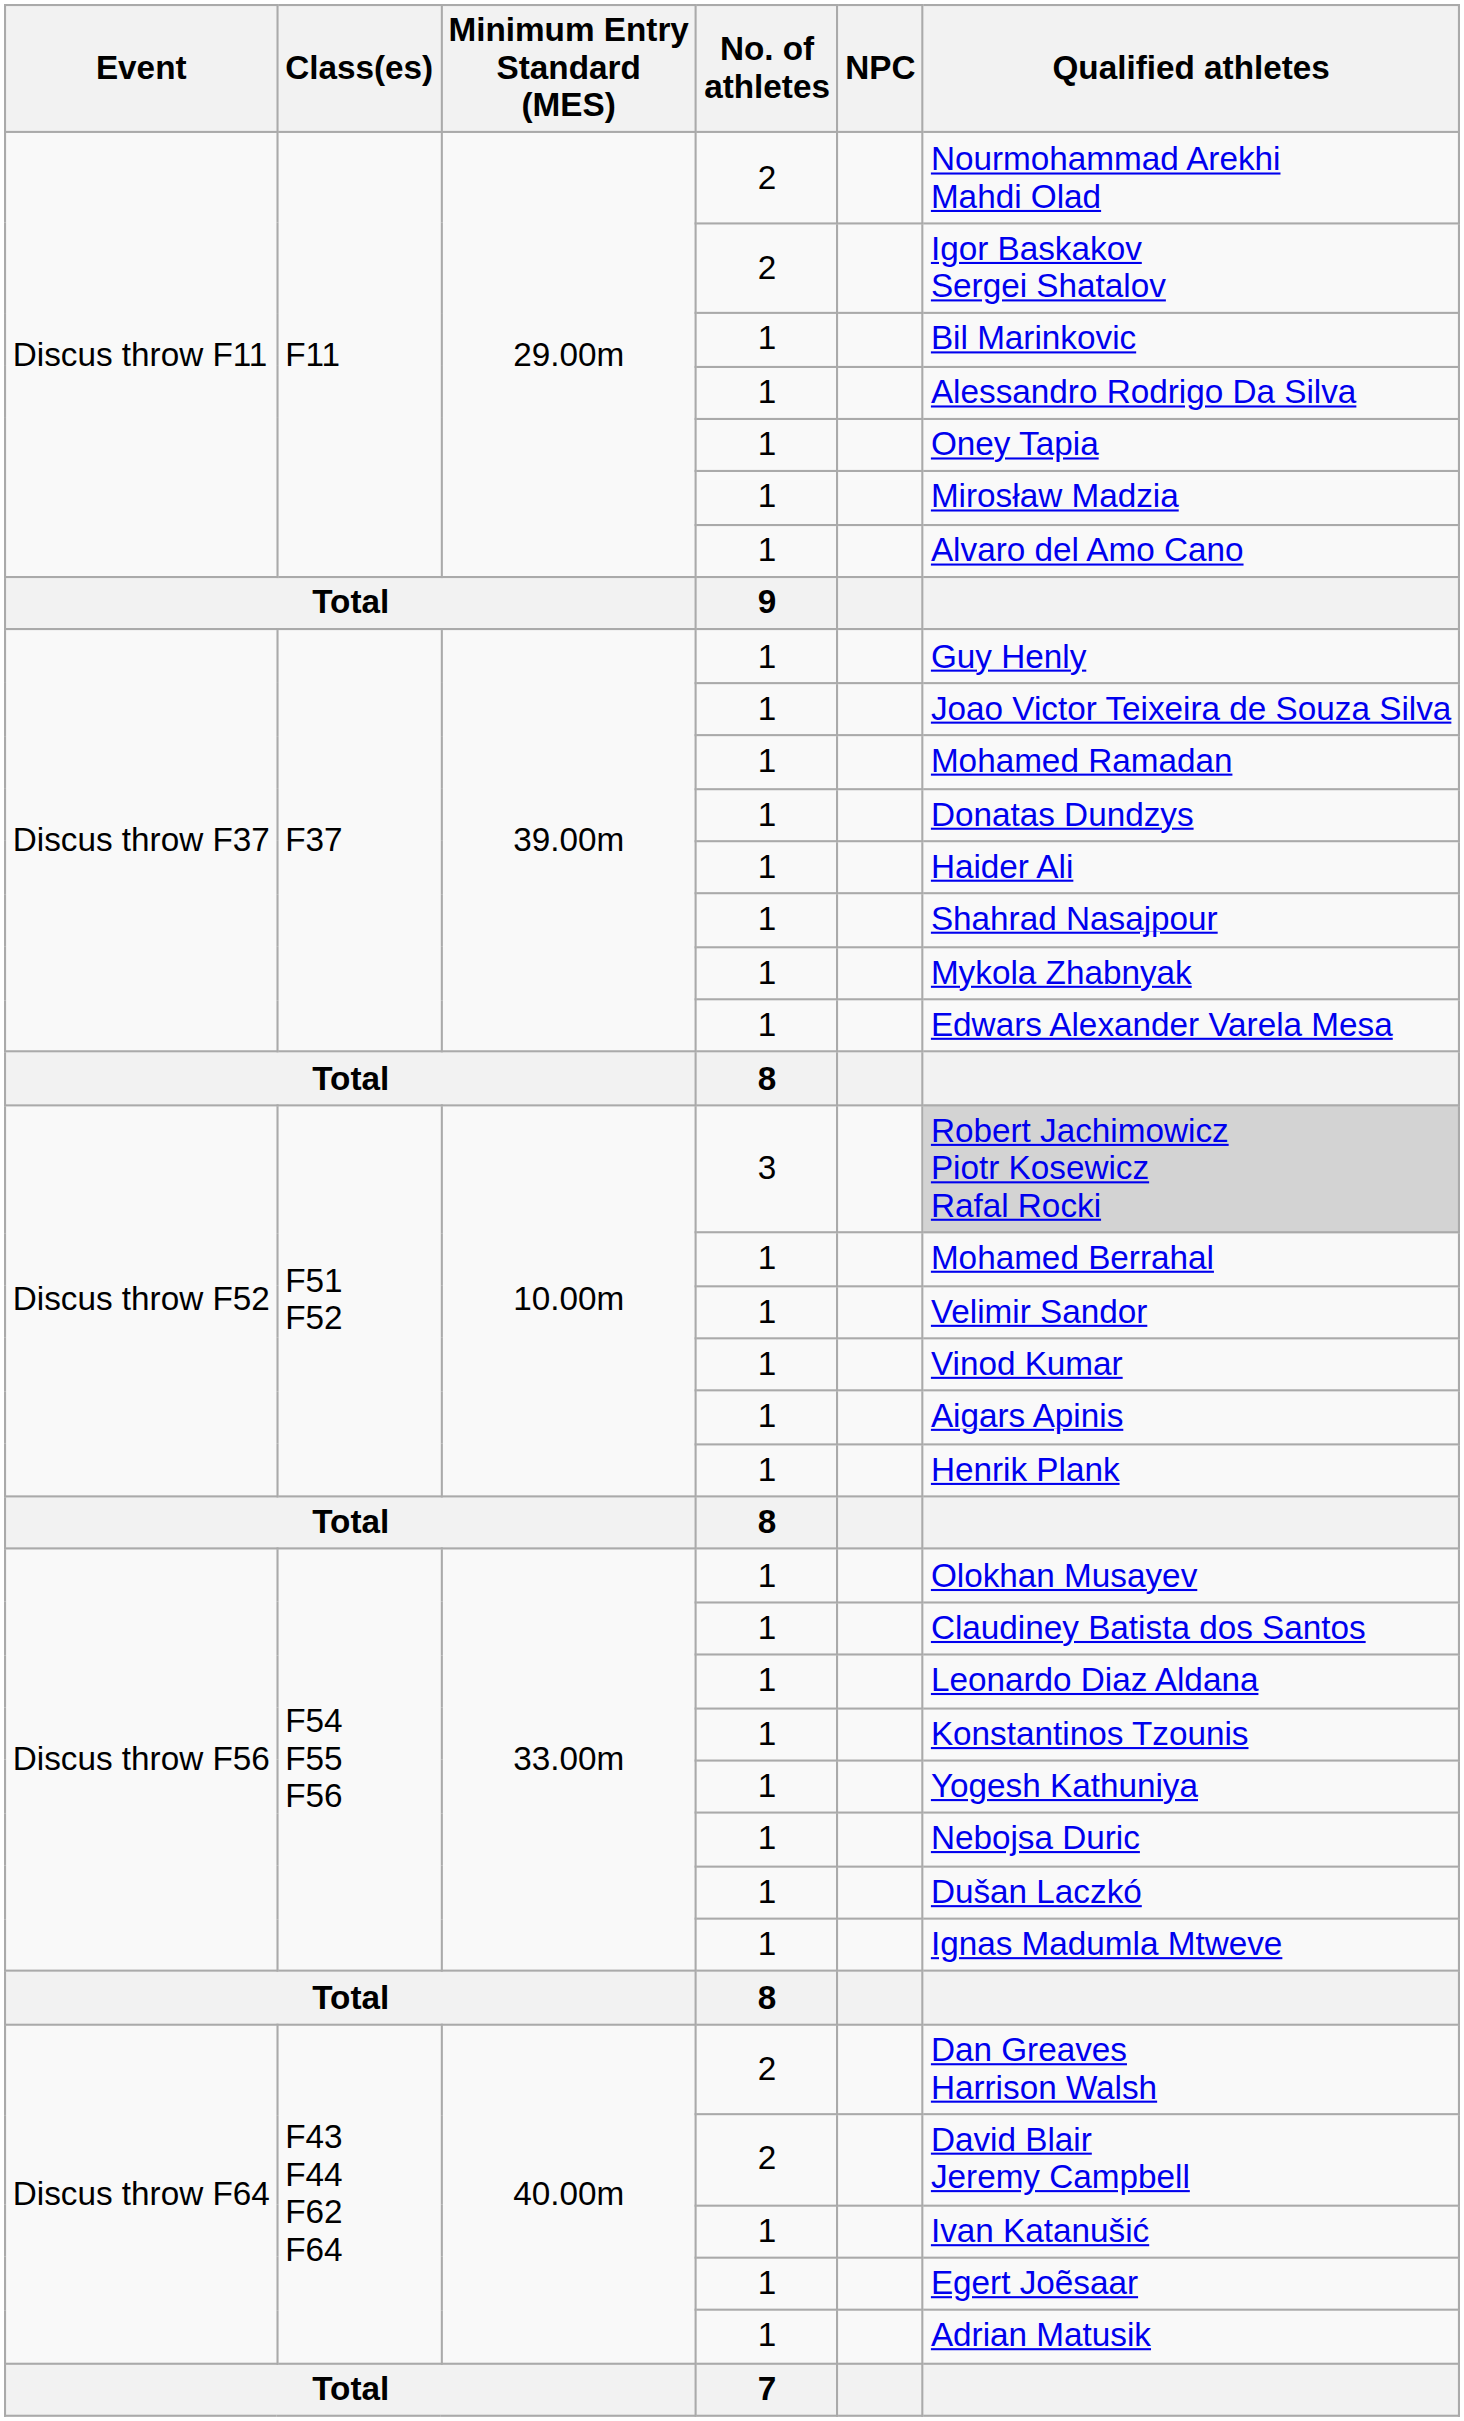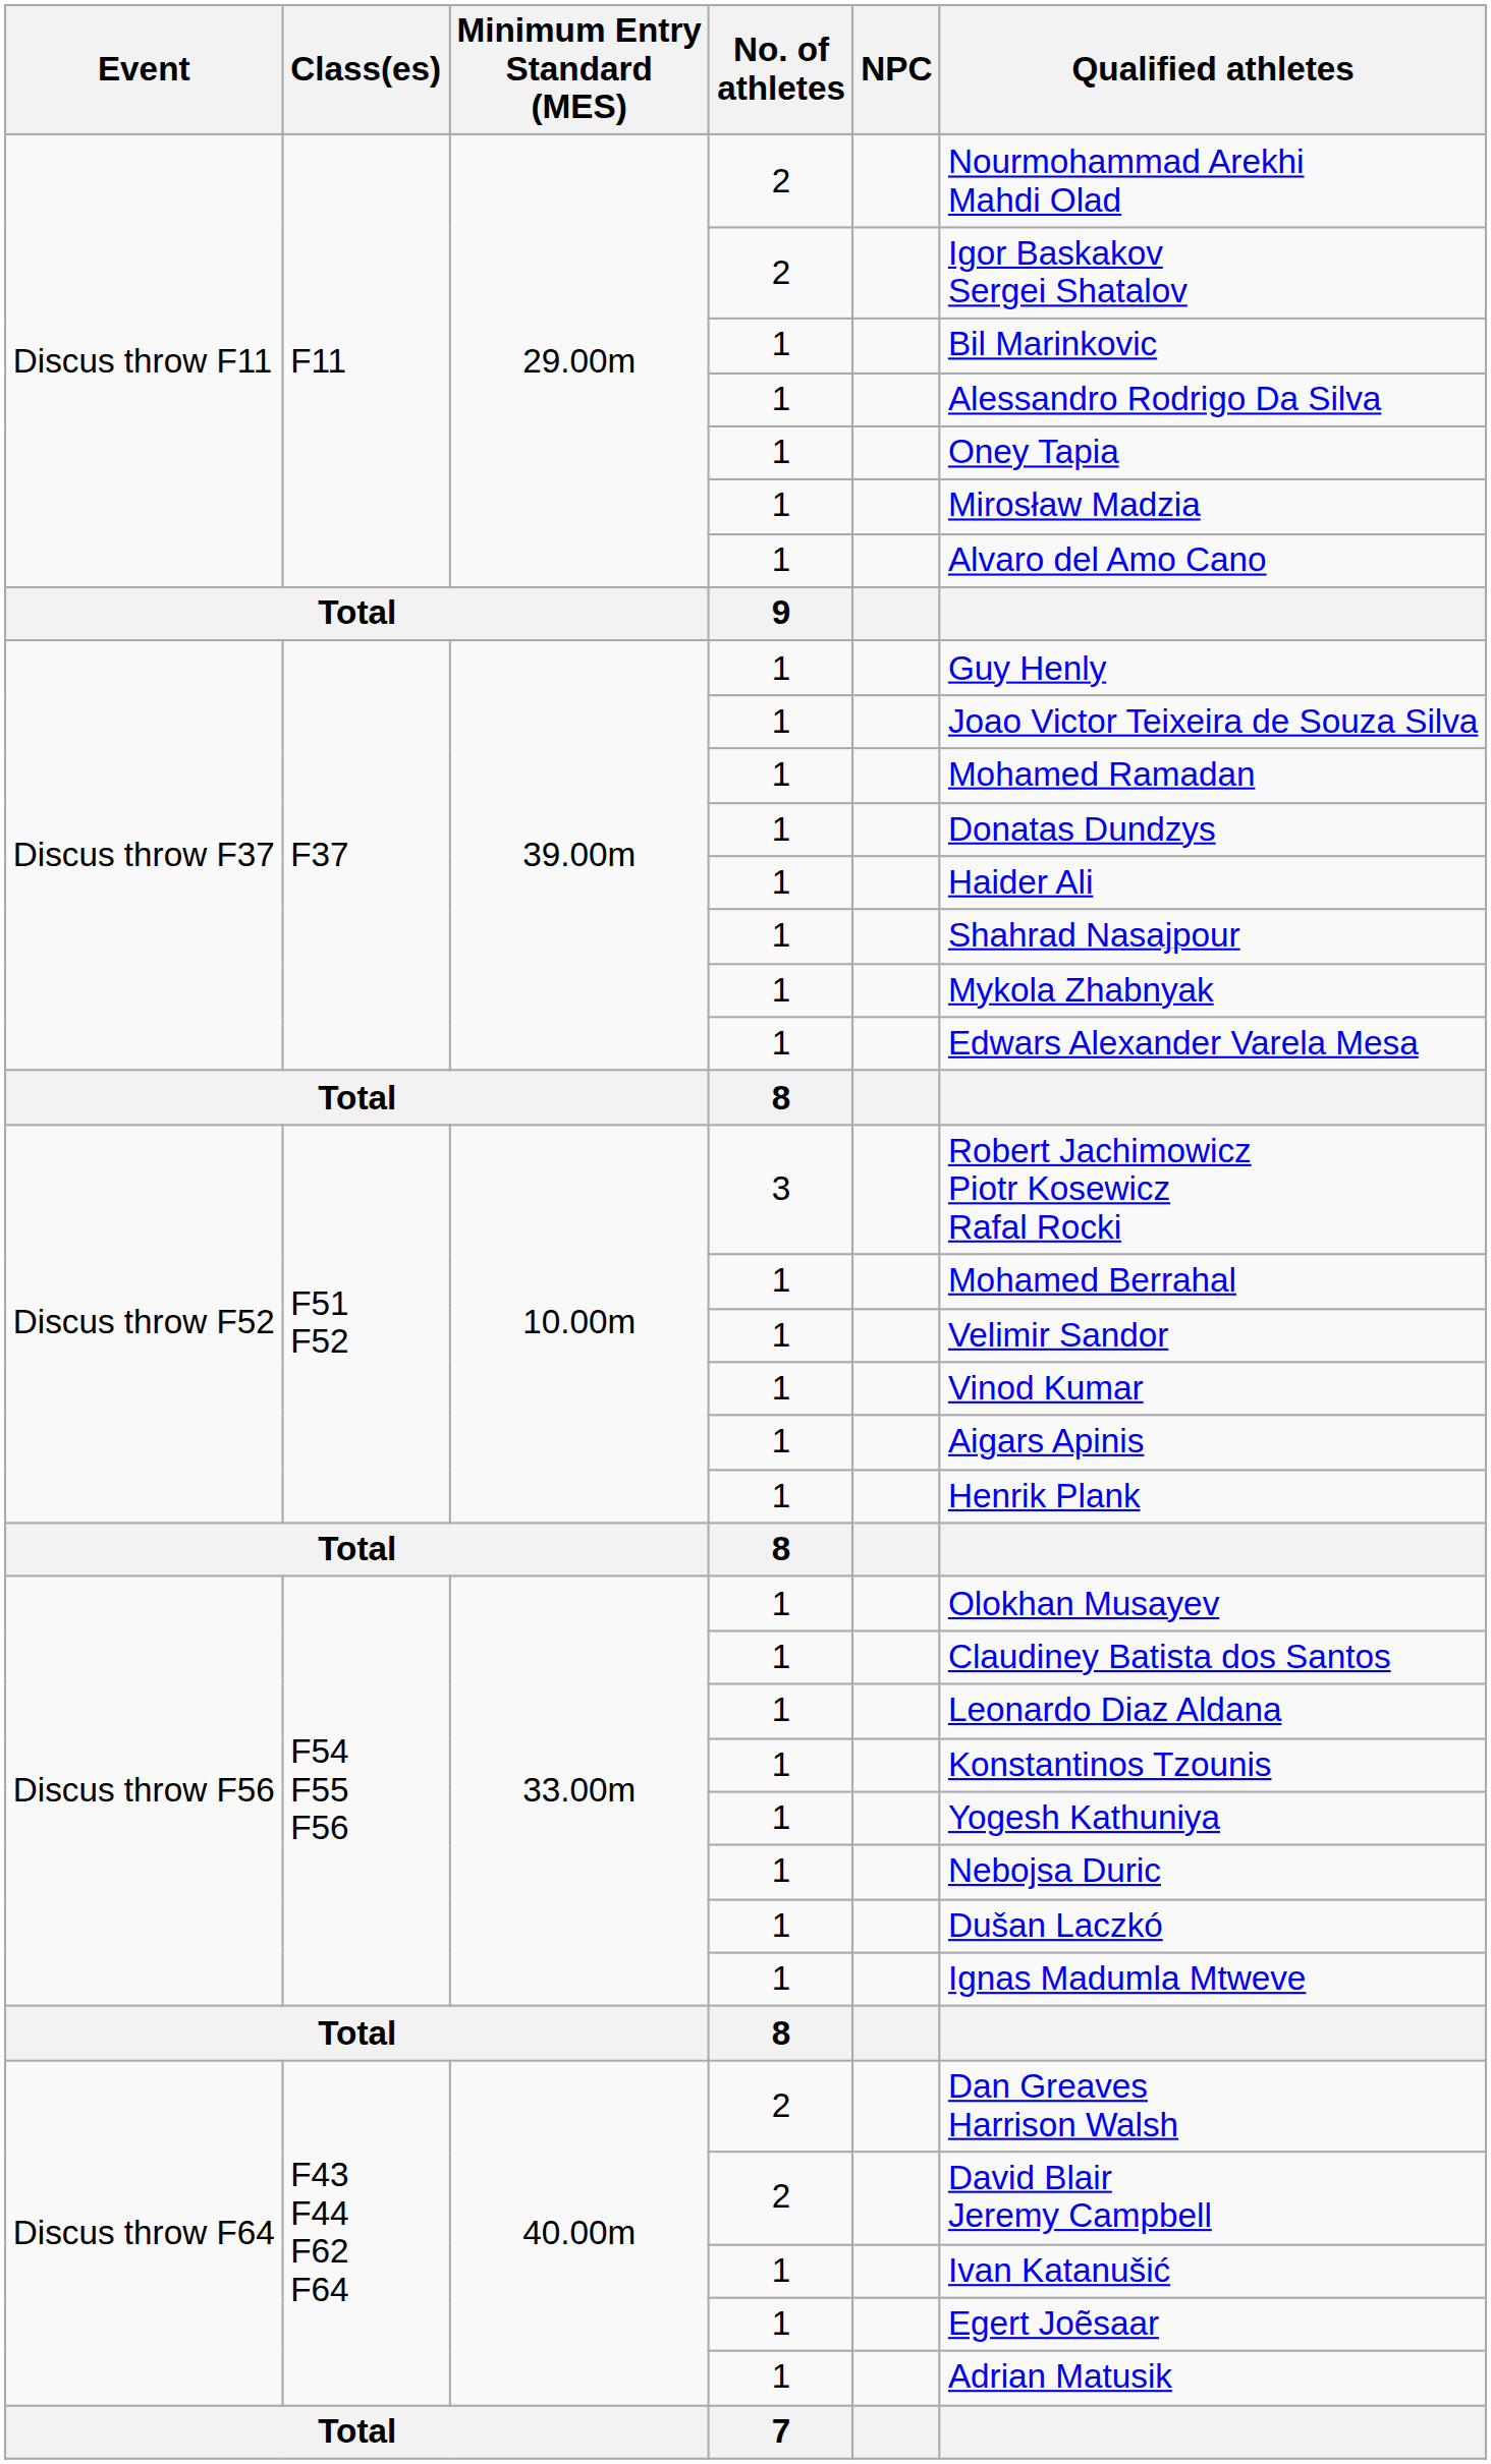 <table class="wikitable">
 <tr>
 <th>Event</th>
 <th>Class(es)</th>
 <th>Minimum Entry<br> Standard<br> (MES)</th>
 <th>No. of<br>athletes</th>
 <th>NPC</th>
 <th>Qualified athletes</th>
 </tr>
 <tr>
 <td rowspan=7>Discus throw F11</td>
 <td rowspan=7>F11</td>
 <td rowspan=7 align=center>29.00m</td>
 <td align=center>2</td>
 <td></td>
 <td><a href='#'>Nourmohammad Arekhi</a><br> <a href='#'>Mahdi Olad</a></td>
 </tr>
 <tr>
 <td align=center>2</td>
 <td></td>
 <td><a href='#'>Igor Baskakov</a><br><a href='#'>Sergei Shatalov</a></td>
 </tr>
 <tr>
 <td align=center>1</td>
 <td></td>
 <td><a href='#'>Bil Marinkovic</a></td>
 </tr>
 <tr>
 <td align=center>1</td>
 <td></td>
 <td><a href='#'>Alessandro Rodrigo Da Silva</a></td>
 </tr>
 <tr>
 <td align=center>1</td>
 <td></td>
 <td><a href='#'>Oney Tapia</a></td>
 </tr>
 <tr>
 <td align=center>1</td>
 <td></td>
 <td><a href='#'>Mirosław Madzia</a></td>
 </tr>
 <tr>
 <td align=center>1</td>
 <td></td>
 <td><a href='#'>Alvaro del Amo Cano</a></td>
 </tr>
 <tr>
 <th colspan=3>Total</th>
 <th>9</th>
 <th></th>
 <th></th>
 </tr>
 <tr>
 <td rowspan=8>Discus throw F37</td>
 <td rowspan=8>F37</td>
 <td rowspan=8 align=center>39.00m</td>
 <td align=center>1</td>
 <td></td>
 <td><a href='#'>Guy Henly</a></td>
 </tr>
 <tr>
 <td align=center>1</td>
 <td></td>
 <td><a href='#'>Joao Victor Teixeira de Souza Silva</a></td>
 </tr>
 <tr>
 <td align=center>1</td>
 <td></td>
 <td><a href='#'>Mohamed Ramadan</a></td>
 </tr>
 <tr>
 <td align=center>1</td>
 <td></td>
 <td><a href='#'>Donatas Dundzys</a></td>
 </tr>
 <tr>
 <td align=center>1</td>
 <td></td>
 <td><a href='#'>Haider Ali</a></td>
 </tr>
 <tr>
 <td align=center>1</td>
 <td></td>
 <td><a href='#'>Shahrad Nasajpour</a></td>
 </tr>
 <tr>
 <td align=center>1</td>
 <td></td>
 <td><a href='#'>Mykola Zhabnyak</a></td>
 </tr>
 <tr>
 <td align=center>1</td>
 <td></td>
 <td><a href='#'>Edwars Alexander Varela Mesa</a></td>
 </tr>
 <tr>
 <th colspan=3>Total</th>
 <th>8</th>
 <th></th>
 <th></th>
 </tr>
 <tr>
 <td rowspan=6>Discus throw F52</td>
 <td rowspan=6>F51<br>F52</td>
 <td rowspan=6 align=center>10.00m</td>
 <td align=center>3</td>
 <td></td>
-<td style="background: lightgrey;"><a href='#'>Robert Jachimowicz</a><br>  <a href='#'>Piotr Kosewicz</a><br><a href='#'>Rafal Rocki</a></td>
+<td><a href='#'>Robert Jachimowicz</a><br>  <a href='#'>Piotr Kosewicz</a><br><a href='#'>Rafal Rocki</a></td>
 </tr>
 <tr>
 <td align=center>1</td>
 <td></td>
 <td><a href='#'>Mohamed Berrahal</a></td>
 </tr>
 <tr>
 <td align=center>1</td>
 <td></td>
 <td><a href='#'>Velimir Sandor</a></td>
 </tr>
 <tr>
 <td align=center>1</td>
 <td></td>
 <td><a href='#'>Vinod Kumar</a></td>
 </tr>
 <tr>
 <td align=center>1</td>
 <td></td>
 <td><a href='#'>Aigars Apinis</a></td>
 </tr>
 <tr>
 <td align=center>1</td>
 <td></td>
 <td><a href='#'>Henrik Plank</a></td>
 </tr>
 <tr>
 <th colspan=3>Total</th>
 <th>8</th>
 <th></th>
 <th></th>
 </tr>
 <tr>
 <td rowspan=8>Discus throw F56</td>
 <td rowspan=8>F54<br>F55<br>F56</td>
 <td rowspan=8 align=center>33.00m</td>
 <td align=center>1</td>
 <td></td>
 <td><a href='#'>Olokhan Musayev</a></td>
 </tr>
 <tr>
 <td align=center>1</td>
 <td></td>
 <td><a href='#'>Claudiney Batista dos Santos</a></td>
 </tr>
 <tr>
 <td align=center>1</td>
 <td></td>
 <td><a href='#'>Leonardo Diaz Aldana</a></td>
 </tr>
 <tr>
 <td align=center>1</td>
 <td></td>
 <td><a href='#'>Konstantinos Tzounis</a></td>
 </tr>
 <tr>
 <td align=center>1</td>
 <td></td>
 <td><a href='#'>Yogesh Kathuniya</a></td>
 </tr>
 <tr>
 <td align=center>1</td>
 <td></td>
 <td><a href='#'>Nebojsa Duric</a></td>
 </tr>
 <tr>
 <td align=center>1</td>
 <td></td>
 <td><a href='#'>Dušan Laczkó</a></td>
 </tr>
 <tr>
 <td align=center>1</td>
 <td></td>
 <td><a href='#'>Ignas Madumla Mtweve</a></td>
 </tr>
 <tr>
 <th colspan=3>Total</th>
 <th>8</th>
 <th></th>
 <th></th>
 </tr>
 <tr>
 <td rowspan=5>Discus throw F64</td>
 <td rowspan=5>F43<br>F44<br>F62<br>F64</td>
 <td rowspan=5 align=center>40.00m</td>
 <td align=center>2</td>
 <td></td>
 <td><a href='#'>Dan Greaves</a><br><a href='#'>Harrison Walsh</a></td>
 </tr>
 <tr>
 <td align=center>2</td>
 <td></td>
 <td><a href='#'>David Blair</a><br> <a href='#'>Jeremy Campbell</a></td>
 </tr>
 <tr>
 <td align=center>1</td>
 <td></td>
 <td><a href='#'>Ivan Katanušić</a></td>
 </tr>
 <tr>
 <td align=center>1</td>
 <td></td>
 <td><a href='#'>Egert Joẽsaar</a></td>
 </tr>
 <tr>
 <td align=center>1</td>
 <td></td>
 <td><a href='#'>Adrian Matusik</a></td>
 </tr>
 <tr>
 <th colspan=3>Total</th>
 <th>7</th>
 <th></th>
 <th></th>
 </tr>
 </table>
